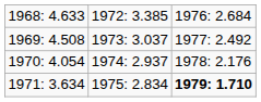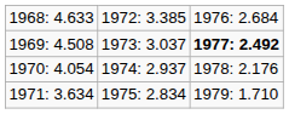 <table class="wikitable">
 <tr>
 <td>1968: 4.633</td>
 <td>1972: 3.385</td>
 <td>1976: 2.684</td>
 </tr>
 <tr>
 <td>1969: 4.508</td>
 <td>1973: 3.037</td>
-<td>1977: 2.492</td>
+<td><strong>1977: 2.492</strong></td>
 </tr>
 <tr>
 <td>1970: 4.054</td>
 <td>1974: 2.937</td>
 <td>1978: 2.176</td>
 </tr>
 <tr>
 <td>1971: 3.634</td>
 <td>1975: 2.834</td>
-<td><strong>1979: 1.710</strong></td>
+<td>1979: 1.710</td>
 </tr>
 </table>
